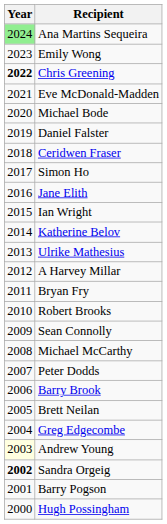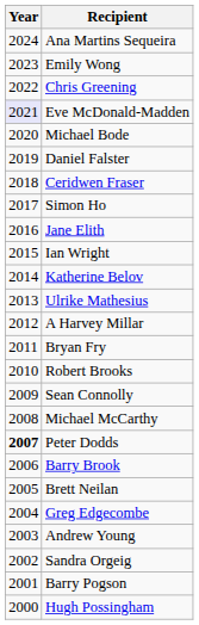 <table class="wikitable">
 <tr>
 <th>Year</th>
 <th>Recipient</th>
 </tr>
 <tr>
-<td style="background: lightgreen;">2024</td>
+<td>2024</td>
 <td>Ana Martins Sequeira</td>
 </tr>
 <tr>
 <td>2023</td>
 <td>Emily Wong</td>
 </tr>
 <tr>
-<td><strong>2022</strong></td>
+<td>2022</td>
 <td><a href='#'>Chris Greening</a></td>
 </tr>
 <tr>
-<td>2021</td>
+<td style="background: lavender;">2021</td>
 <td>Eve McDonald-Madden</td>
 </tr>
 <tr>
 <td>2020</td>
 <td>Michael Bode</td>
 </tr>
 <tr>
 <td>2019</td>
 <td>Daniel Falster</td>
 </tr>
 <tr>
 <td>2018</td>
 <td><a href='#'>Ceridwen Fraser</a></td>
 </tr>
 <tr>
 <td>2017</td>
 <td>Simon Ho</td>
 </tr>
 <tr>
 <td>2016</td>
 <td><a href='#'>Jane Elith</a></td>
 </tr>
 <tr>
 <td>2015</td>
 <td>Ian Wright</td>
 </tr>
 <tr>
 <td>2014</td>
 <td><a href='#'>Katherine Belov</a></td>
 </tr>
 <tr>
 <td>2013</td>
 <td><a href='#'>Ulrike Mathesius</a></td>
 </tr>
 <tr>
 <td>2012</td>
 <td>A Harvey Millar</td>
 </tr>
 <tr>
 <td>2011</td>
 <td>Bryan Fry</td>
 </tr>
 <tr>
 <td>2010</td>
 <td>Robert Brooks</td>
 </tr>
 <tr>
 <td>2009</td>
 <td>Sean Connolly</td>
 </tr>
 <tr>
 <td>2008</td>
 <td>Michael McCarthy</td>
 </tr>
 <tr>
-<td>2007</td>
+<td><strong>2007</strong></td>
 <td>Peter Dodds</td>
 </tr>
 <tr>
 <td>2006</td>
 <td><a href='#'>Barry Brook</a></td>
 </tr>
 <tr>
 <td>2005</td>
 <td>Brett Neilan</td>
 </tr>
 <tr>
 <td>2004</td>
 <td><a href='#'>Greg Edgecombe</a></td>
 </tr>
 <tr>
-<td style="background: lightyellow;">2003</td>
+<td>2003</td>
 <td>Andrew Young</td>
 </tr>
 <tr>
-<td><strong>2002</strong></td>
+<td>2002</td>
 <td>Sandra Orgeig</td>
 </tr>
 <tr>
 <td>2001</td>
 <td>Barry Pogson</td>
 </tr>
 <tr>
 <td>2000</td>
 <td><a href='#'>Hugh Possingham</a></td>
 </tr>
 </table>
